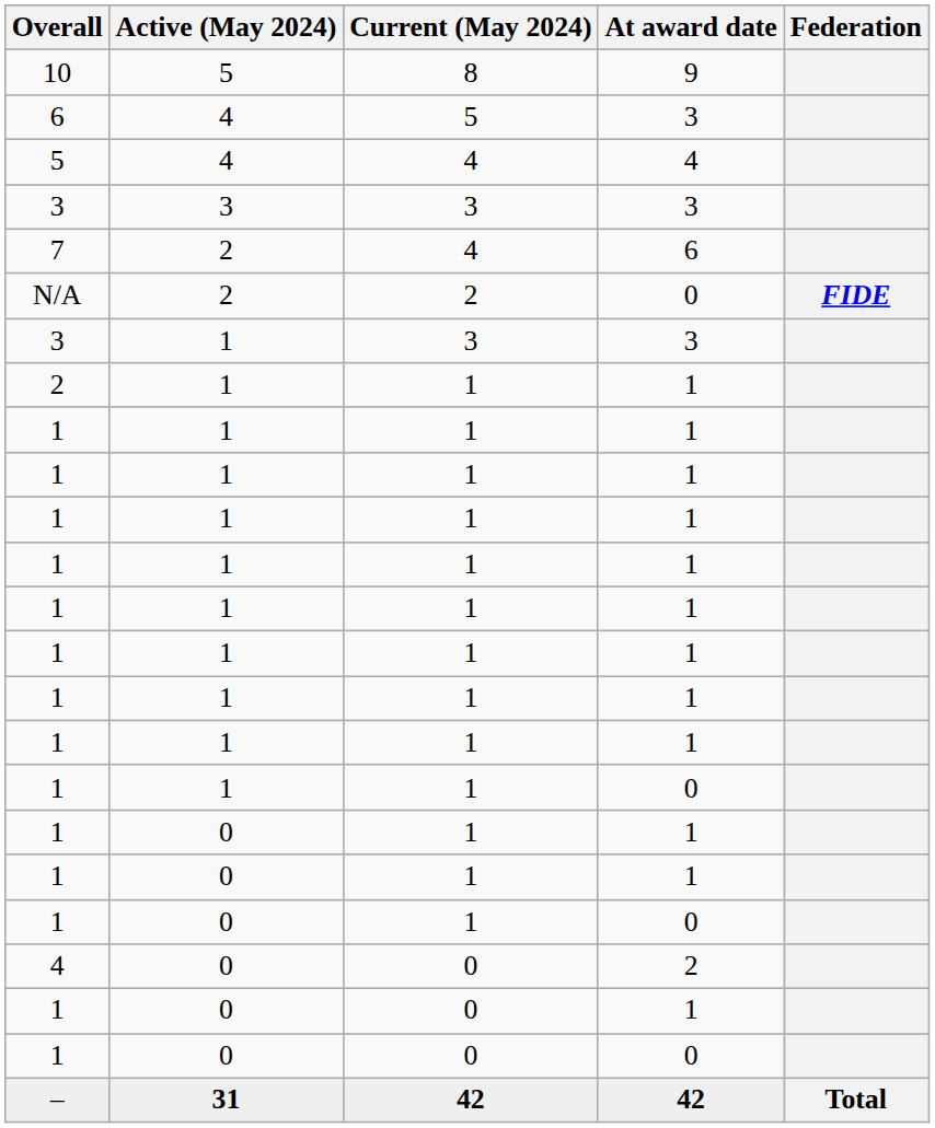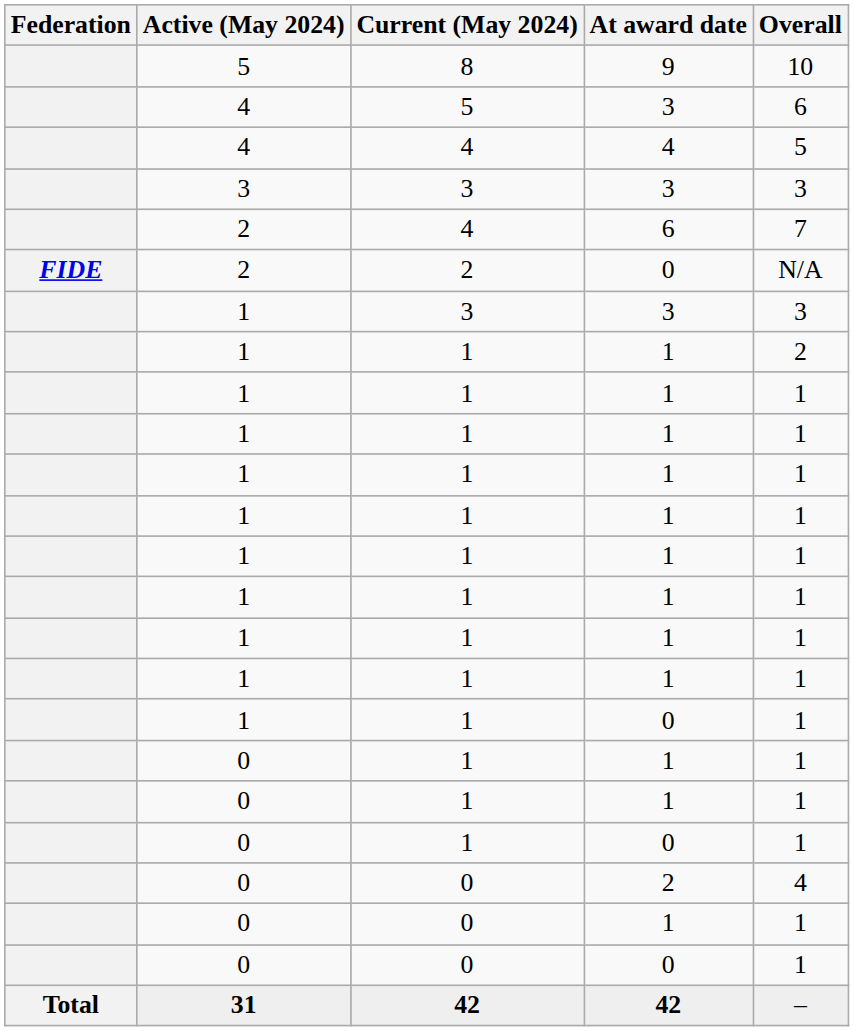 <table class="sortable wikitable plainrowheaders">
 <tr>
-<th scope="col">Overall</th>
+<th scope="col">Federation</th>
 <th scope="col">Active (May 2024)</th>
 <th scope="col">Current (May 2024)</th>
 <th scope="col">At award date</th>
-<th scope="col">Federation</th>
+<th scope="col">Overall</th>
 </tr>
 <tr>
-<td align=center>10</td>
+<th scope="row"></th>
 <td align=center>5</td>
 <td align=center>8</td>
 <td align=center>9</td>
-<th scope="row"></th>
+<td align=center>10</td>
 </tr>
 <tr>
-<td align=center>6</td>
+<th scope="row"></th>
 <td align=center>4</td>
 <td align=center>5</td>
 <td align=center>3</td>
-<th scope="row"></th>
+<td align=center>6</td>
 </tr>
 <tr>
-<td align=center>5</td>
+<th scope="row"></th>
 <td align=center>4</td>
 <td align=center>4</td>
 <td align=center>4</td>
-<th scope="row"></th>
+<td align=center>5</td>
 </tr>
 <tr>
+<th scope="row"></th>
 <td align=center>3</td>
 <td align=center>3</td>
 <td align=center>3</td>
 <td align=center>3</td>
-<th scope="row"></th>
 </tr>
 <tr>
-<td align=center>7</td>
+<th scope="row"></th>
 <td align=center>2</td>
 <td align=center>4</td>
 <td align=center>6</td>
-<th scope="row"></th>
+<td align=center>7</td>
 </tr>
 <tr>
-<td align=center>N/A</td>
+<th scope="row"><em><a href='#'>FIDE</a></em></th>
 <td align=center>2</td>
 <td align=center>2</td>
 <td align=center>0</td>
-<th scope="row"><em><a href='#'>FIDE</a></em></th>
+<td align=center>N/A</td>
 </tr>
 <tr>
-<td align=center>3</td>
+<th scope="row"></th>
 <td align=center>1</td>
 <td align=center>3</td>
 <td align=center>3</td>
-<th scope="row"></th>
+<td align=center>3</td>
 </tr>
 <tr>
-<td align=center>2</td>
+<th scope="row"></th>
 <td align=center>1</td>
 <td align=center>1</td>
 <td align=center>1</td>
-<th scope="row"></th>
+<td align=center>2</td>
 </tr>
 <tr>
+<th scope="row"></th>
 <td align=center>1</td>
 <td align=center>1</td>
 <td align=center>1</td>
 <td align=center>1</td>
-<th scope="row"></th>
 </tr>
 <tr>
+<th scope="row"></th>
 <td align=center>1</td>
 <td align=center>1</td>
 <td align=center>1</td>
 <td align=center>1</td>
-<th scope="row"></th>
 </tr>
 <tr>
+<th scope="row"></th>
 <td align=center>1</td>
 <td align=center>1</td>
 <td align=center>1</td>
 <td align=center>1</td>
-<th scope="row"></th>
 </tr>
 <tr>
+<th scope="row"></th>
 <td align=center>1</td>
 <td align=center>1</td>
 <td align=center>1</td>
 <td align=center>1</td>
-<th scope="row"></th>
 </tr>
 <tr>
+<th scope="row"></th>
 <td align=center>1</td>
 <td align=center>1</td>
 <td align=center>1</td>
 <td align=center>1</td>
-<th scope="row"></th>
 </tr>
 <tr>
+<th scope="row"></th>
 <td align=center>1</td>
 <td align=center>1</td>
 <td align=center>1</td>
 <td align=center>1</td>
-<th scope="row"></th>
 </tr>
 <tr>
+<th scope="row"></th>
 <td align=center>1</td>
 <td align=center>1</td>
 <td align=center>1</td>
 <td align=center>1</td>
-<th scope="row"></th>
 </tr>
 <tr>
+<th scope="row"></th>
 <td align=center>1</td>
 <td align=center>1</td>
 <td align=center>1</td>
 <td align=center>1</td>
-<th scope="row"></th>
 </tr>
 <tr>
+<th scope="row"></th>
+<td align=center>1</td>
+<td align=center>1</td>
+<td align=center>0</td>
+<td align=center>1</td>
+</tr>
+<tr>
+<th scope="row"></th>
+<td align=center>0</td>
 <td align=center>1</td>
 <td align=center>1</td>
 <td align=center>1</td>
-<td align=center>0</td>
-<th scope="row"></th>
 </tr>
 <tr>
+<th scope="row"></th>
+<td align=center>0</td>
+<td align=center>1</td>
+<td align=center>1</td>
+<td align=center>1</td>
+</tr>
+<tr>
+<th scope="row"></th>
+<td align=center>0</td>
 <td align=center>1</td>
 <td align=center>0</td>
 <td align=center>1</td>
-<td align=center>1</td>
-<th scope="row"></th>
 </tr>
 <tr>
-<td align=center>1</td>
+<th scope="row"></th>
+<td align=center>0</td>
+<td align=center>0</td>
+<td align=center>2</td>
+<td align=center>4</td>
+</tr>
+<tr>
+<th scope="row"></th>
+<td align=center>0</td>
 <td align=center>0</td>
 <td align=center>1</td>
 <td align=center>1</td>
-<th scope="row"></th>
 </tr>
 <tr>
-<td align=center>1</td>
+<th scope="row"></th>
 <td align=center>0</td>
-<td align=center>1</td>
-<td align=center>0</td>
-<th scope="row"></th>
-</tr>
-<tr>
-<td align=center>4</td>
-<td align=center>0</td>
-<td align=center>0</td>
-<td align=center>2</td>
-<th scope="row"></th>
-</tr>
-<tr>
-<td align=center>1</td>
 <td align=center>0</td>
 <td align=center>0</td>
 <td align=center>1</td>
-<th scope="row"></th>
-</tr>
-<tr>
-<td align=center>1</td>
-<td align=center>0</td>
-<td align=center>0</td>
-<td align=center>0</td>
-<th scope="row"></th>
 </tr>
 <tr style="background:#efefef;" class="sortbottom">
-<td align=center>–</td>
+<th scope="row" style="text-align:center"><strong>Total</strong></th>
 <td align=center><strong>31</strong></td>
 <td align=center><strong>42</strong></td>
 <td align=center><strong>42</strong></td>
-<th scope="row" style="text-align:center"><strong>Total</strong></th>
+<td align=center>–</td>
 </tr>
 </table>
